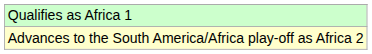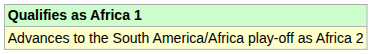 <table class="wikitable">
 <tr>
 </tr>
 <tr width=10px bgcolor=ccffcc>
-<td>Qualifies as Africa 1</td>
+<td><strong>Qualifies as Africa 1</strong></td>
 </tr>
 <tr width=10px bgcolor=ffffcc>
 <td>Advances to the South America/Africa play-off as Africa 2</td>
 </tr>
 </table>
